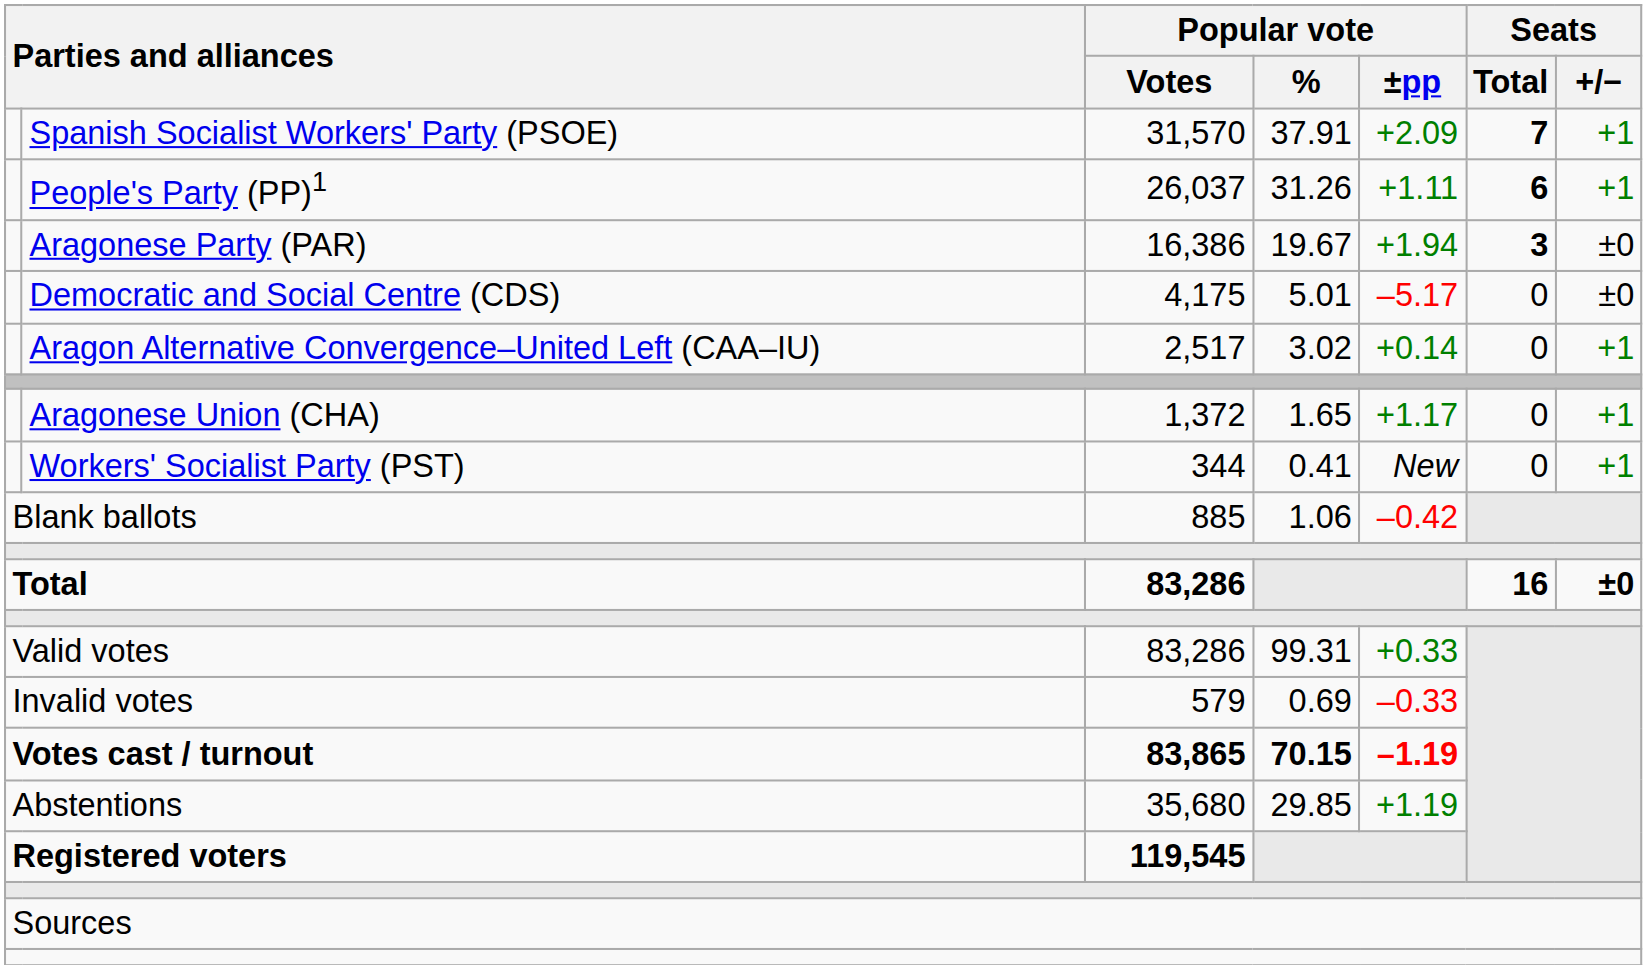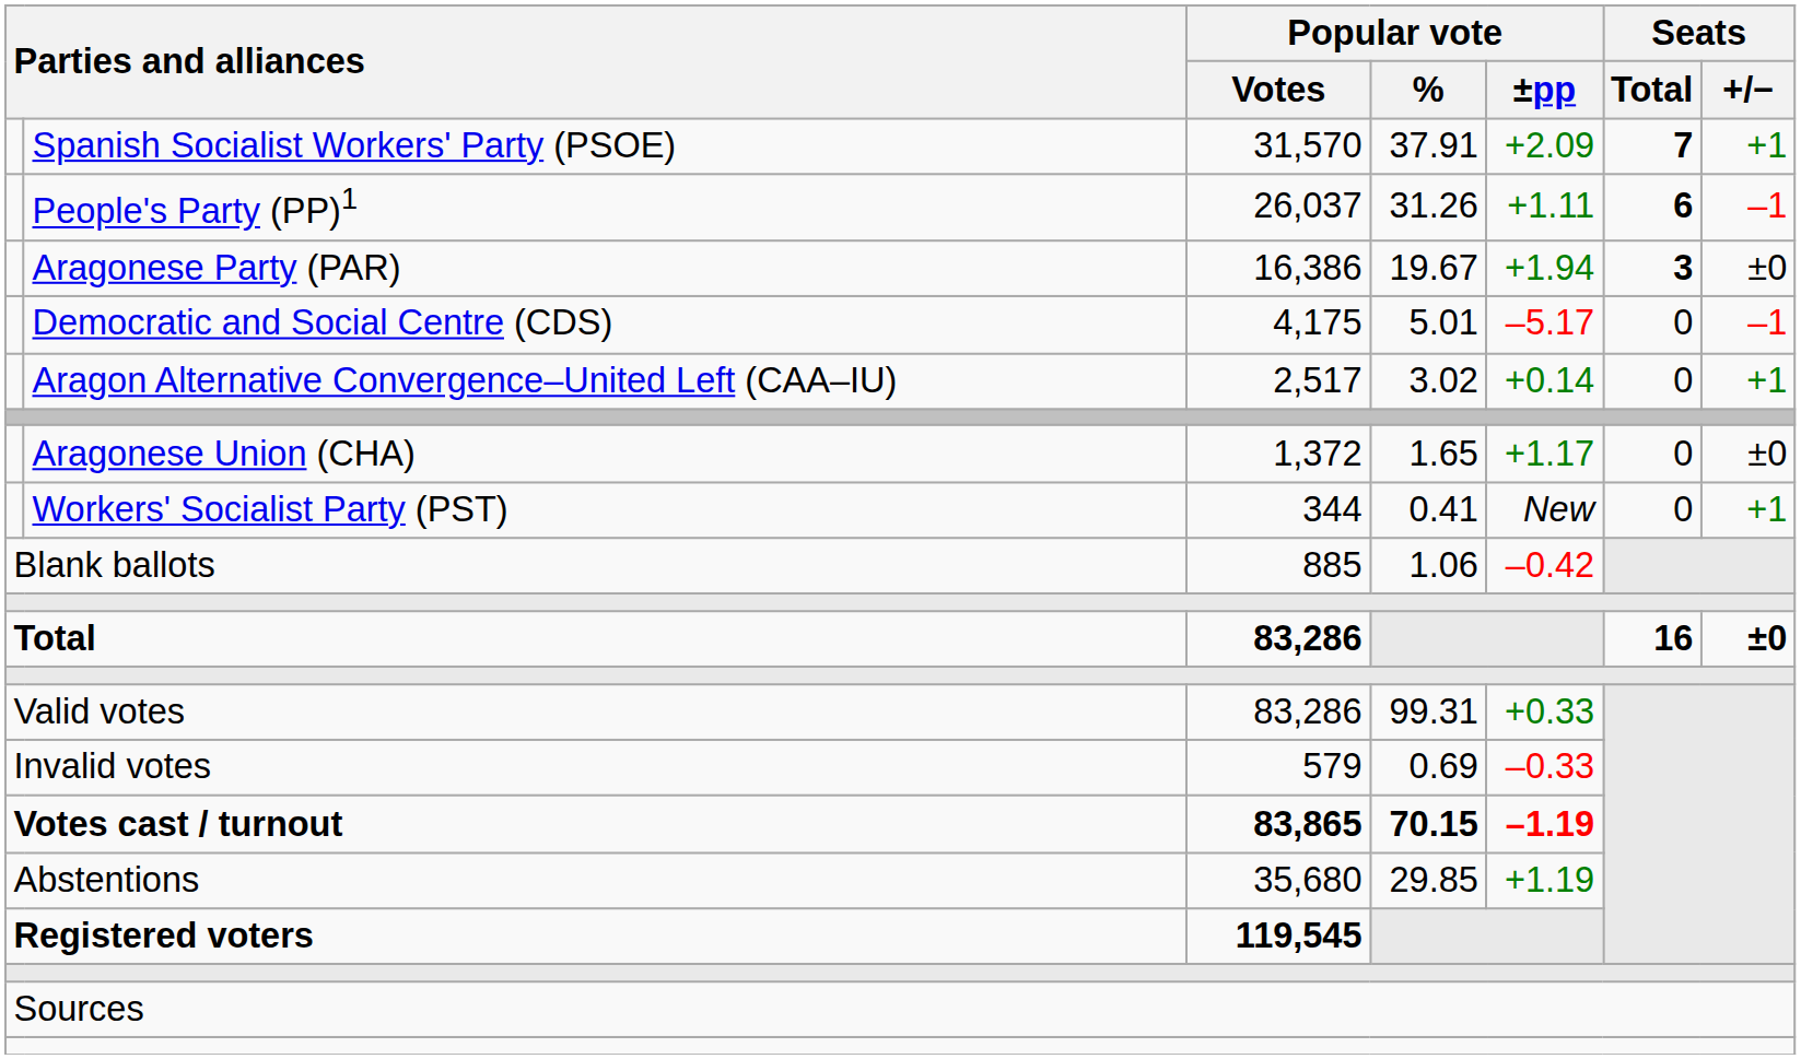 <table class="wikitable" style="text-align:right;">
 <tr>
 <th style="text-align:left;" rowspan="2" colspan="2" width="525">Parties and alliances</th>
 <th colspan="3">Popular vote</th>
 <th colspan="2">Seats</th>
 </tr>
 <tr>
 <th width="75">Votes</th>
 <th width="45">%</th>
 <th width="45">±<a href='#'>pp</a></th>
 <th width="35">Total</th>
 <th width="35">+/−</th>
 </tr>
 <tr>
 <td width="1" style="color:inherit;background:"></td>
 <td align="left"><a href='#'>Spanish Socialist Workers' Party</a> (PSOE)</td>
 <td>31,570</td>
 <td>37.91</td>
 <td style="color:green;">+2.09</td>
 <td><strong>7</strong></td>
 <td style="color:green;">+1</td>
 </tr>
 <tr>
 <td style="color:inherit;background:"></td>
 <td align="left"><a href='#'>People's Party</a> (PP)<sup>1</sup></td>
 <td>26,037</td>
 <td>31.26</td>
 <td style="color:green;">+1.11</td>
 <td><strong>6</strong></td>
-<td style="color:green;">+1</td>
+<td style="color:red;">–1</td>
 </tr>
 <tr>
 <td style="color:inherit;background:"></td>
 <td align="left"><a href='#'>Aragonese Party</a> (PAR)</td>
 <td>16,386</td>
 <td>19.67</td>
 <td style="color:green;">+1.94</td>
 <td><strong>3</strong></td>
 <td>±0</td>
 </tr>
 <tr>
 <td style="color:inherit;background:"></td>
 <td align="left"><a href='#'>Democratic and Social Centre</a> (CDS)</td>
 <td>4,175</td>
 <td>5.01</td>
 <td style="color:red;">–5.17</td>
 <td>0</td>
-<td>±0</td>
+<td style="color:red;">–1</td>
 </tr>
 <tr>
 <td style="color:inherit;background:"></td>
 <td align="left"><a href='#'>Aragon Alternative Convergence–United Left</a> (CAA–IU)</td>
 <td>2,517</td>
 <td>3.02</td>
 <td style="color:green;">+0.14</td>
 <td>0</td>
 <td style="color:green;">+1</td>
 </tr>
 <tr>
 <td colspan="7" bgcolor="#C0C0C0"></td>
 </tr>
 <tr>
 <td style="color:inherit;background:"></td>
 <td align="left"><a href='#'>Aragonese Union</a> (CHA)</td>
 <td>1,372</td>
 <td>1.65</td>
 <td style="color:green;">+1.17</td>
 <td>0</td>
-<td style="color:green;">+1</td>
+<td>±0</td>
 </tr>
 <tr>
 <td style="color:inherit;background:"></td>
 <td align="left"><a href='#'>Workers' Socialist Party</a> (PST)</td>
 <td>344</td>
 <td>0.41</td>
 <td><em>New</em></td>
 <td>0</td>
 <td style="color:green;">+1</td>
 </tr>
 <tr>
 <td align="left" colspan="2">Blank ballots</td>
 <td>885</td>
 <td>1.06</td>
 <td style="color:red;">–0.42</td>
 <td bgcolor="#E9E9E9" colspan="2"></td>
 </tr>
 <tr>
 <td colspan="7" bgcolor="#E9E9E9"></td>
 </tr>
 <tr style="font-weight:bold;">
 <td align="left" colspan="2">Total</td>
 <td>83,286</td>
 <td bgcolor="#E9E9E9" colspan="2"></td>
 <td>16</td>
 <td>±0</td>
 </tr>
 <tr>
 <td colspan="7" bgcolor="#E9E9E9"></td>
 </tr>
 <tr>
 <td align="left" colspan="2">Valid votes</td>
 <td>83,286</td>
 <td>99.31</td>
 <td style="color:green;">+0.33</td>
 <td bgcolor="#E9E9E9" colspan="2" rowspan="5"></td>
 </tr>
 <tr>
 <td align="left" colspan="2">Invalid votes</td>
 <td>579</td>
 <td>0.69</td>
 <td style="color:red;">–0.33</td>
 </tr>
 <tr style="font-weight:bold;">
 <td align="left" colspan="2">Votes cast / turnout</td>
 <td>83,865</td>
 <td>70.15</td>
 <td style="color:red;">–1.19</td>
 </tr>
 <tr>
 <td align="left" colspan="2">Abstentions</td>
 <td>35,680</td>
 <td>29.85</td>
 <td style="color:green;">+1.19</td>
 </tr>
 <tr style="font-weight:bold;">
 <td align="left" colspan="2">Registered voters</td>
 <td>119,545</td>
 <td bgcolor="#E9E9E9" colspan="2"></td>
 </tr>
 <tr>
 <td colspan="7" bgcolor="#E9E9E9"></td>
 </tr>
 <tr>
 <td align="left" colspan="7">Sources</td>
 </tr>
 <tr>
 <td colspan="7" style="text-align:left; max-width:790px;"></td>
 </tr>
 </table>
